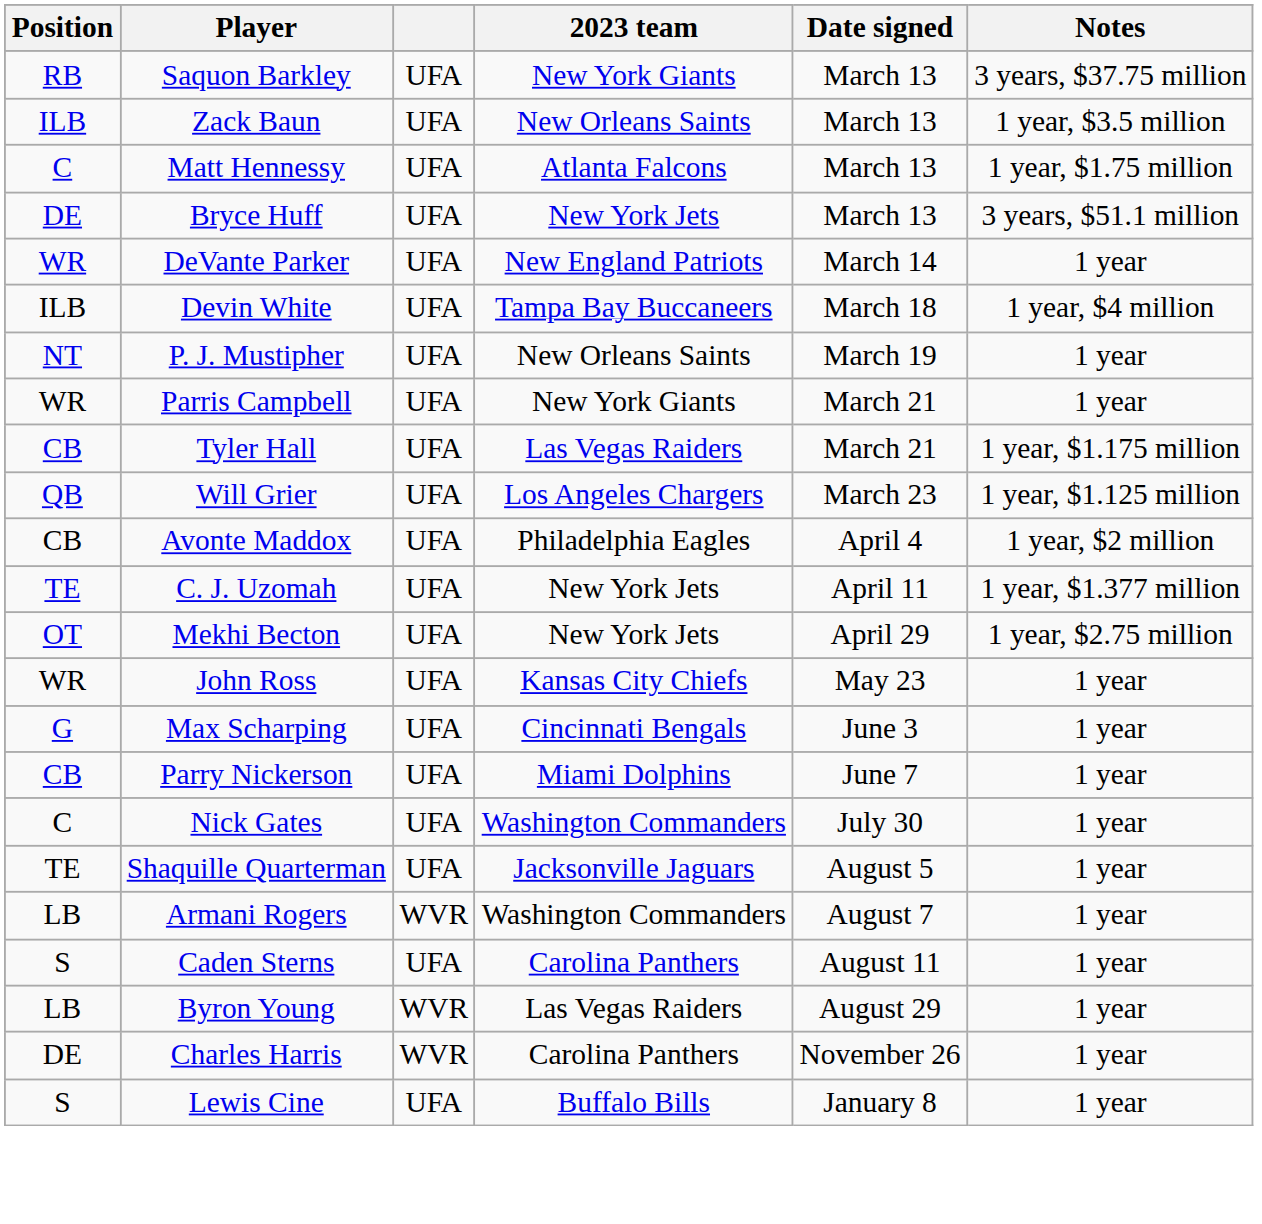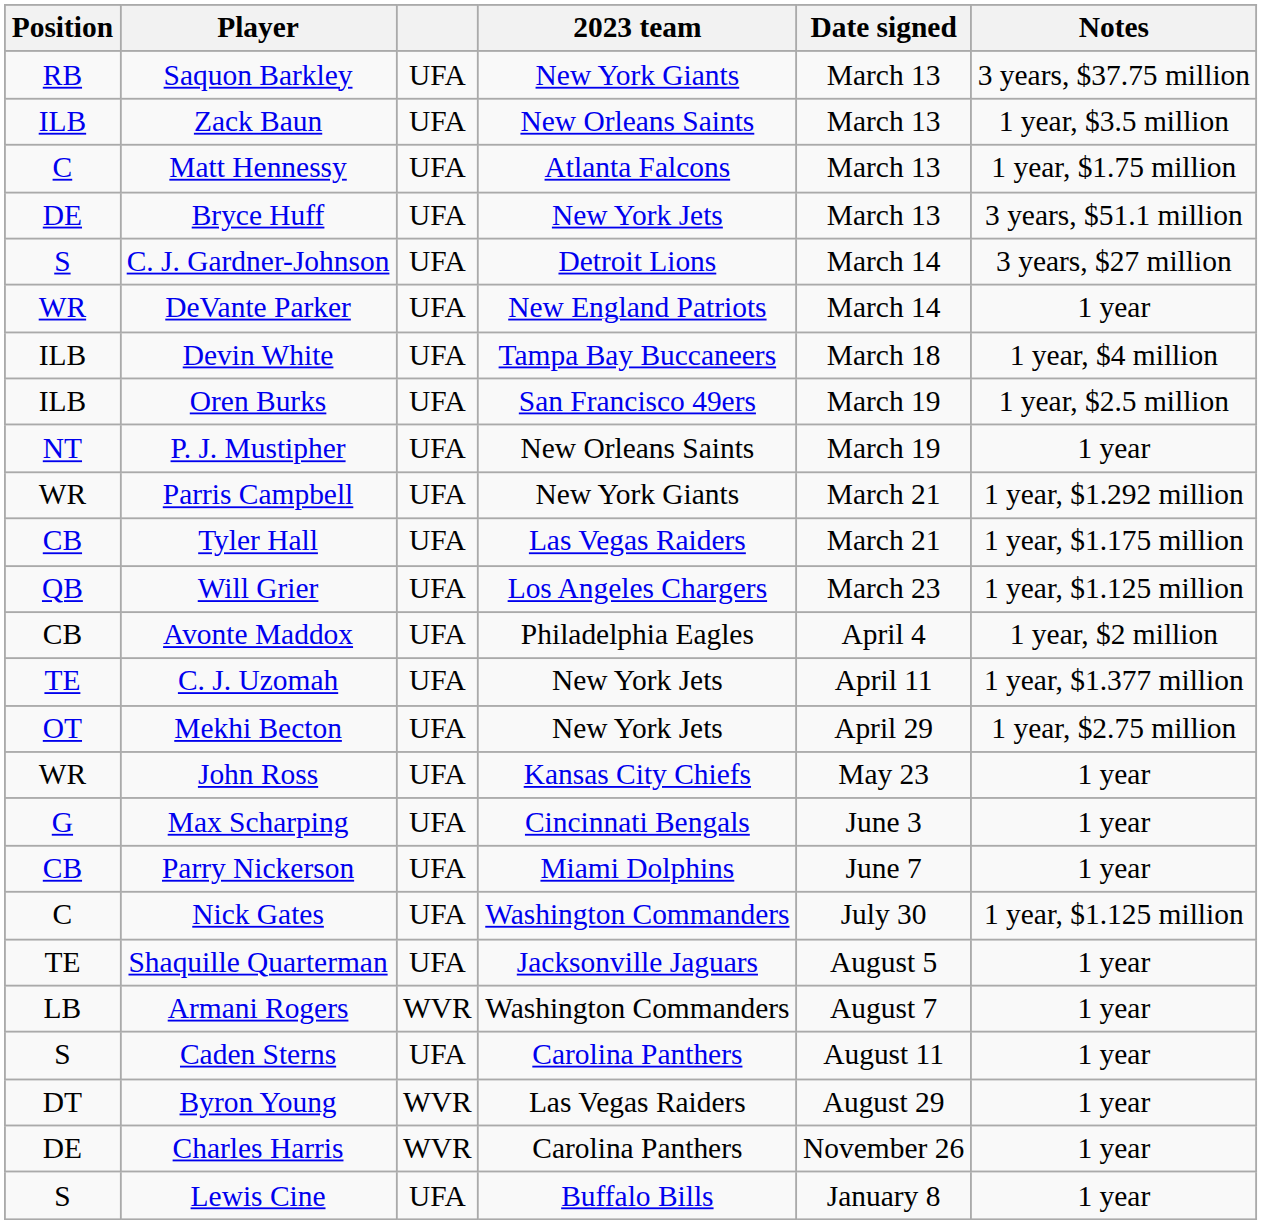 <table class="wikitable" style="text-align:center">
 <tr>
 <th>Position</th>
 <th>Player</th>
 <th></th>
 <th>2023 team</th>
 <th>Date signed</th>
 <th>Notes</th>
 </tr>
 <tr>
 <td><a href='#'>RB</a></td>
 <td><a href='#'>Saquon Barkley</a></td>
 <td>UFA</td>
 <td><a href='#'>New York Giants</a></td>
 <td>March 13</td>
 <td>3 years, $37.75 million</td>
 </tr>
 <tr>
 <td><a href='#'>ILB</a></td>
 <td><a href='#'>Zack Baun</a></td>
 <td>UFA</td>
 <td><a href='#'>New Orleans Saints</a></td>
 <td>March 13</td>
 <td>1 year, $3.5 million</td>
 </tr>
 <tr>
 <td><a href='#'>C</a></td>
 <td><a href='#'>Matt Hennessy</a></td>
 <td>UFA</td>
 <td><a href='#'>Atlanta Falcons</a></td>
 <td>March 13</td>
 <td>1 year, $1.75 million</td>
 </tr>
 <tr>
 <td><a href='#'>DE</a></td>
 <td><a href='#'>Bryce Huff</a></td>
 <td>UFA</td>
 <td><a href='#'>New York Jets</a></td>
 <td>March 13</td>
 <td>3 years, $51.1 million</td>
 </tr>
 <tr>
+<td><a href='#'>S</a></td>
+<td><a href='#'>C. J. Gardner-Johnson</a></td>
+<td>UFA</td>
+<td><a href='#'>Detroit Lions</a></td>
+<td>March 14</td>
+<td>3 years, $27 million</td>
+</tr>
+<tr>
 <td><a href='#'>WR</a></td>
 <td><a href='#'>DeVante Parker</a></td>
 <td>UFA</td>
 <td><a href='#'>New England Patriots</a></td>
 <td>March 14</td>
 <td>1 year</td>
 </tr>
 <tr>
 <td>ILB</td>
 <td><a href='#'>Devin White</a></td>
 <td>UFA</td>
 <td><a href='#'>Tampa Bay Buccaneers</a></td>
 <td>March 18</td>
 <td>1 year, $4 million</td>
 </tr>
 <tr>
+<td>ILB</td>
+<td><a href='#'>Oren Burks</a></td>
+<td>UFA</td>
+<td><a href='#'>San Francisco 49ers</a></td>
+<td>March 19</td>
+<td>1 year, $2.5 million</td>
+</tr>
+<tr>
 <td><a href='#'>NT</a></td>
 <td><a href='#'>P. J. Mustipher</a></td>
 <td>UFA</td>
 <td>New Orleans Saints</td>
 <td>March 19</td>
 <td>1 year</td>
 </tr>
 <tr>
 <td>WR</td>
 <td><a href='#'>Parris Campbell</a></td>
 <td>UFA</td>
 <td>New York Giants</td>
 <td>March 21</td>
-<td>1 year</td>
+<td>1 year, $1.292 million</td>
 </tr>
 <tr>
 <td><a href='#'>CB</a></td>
 <td><a href='#'>Tyler Hall</a></td>
 <td>UFA</td>
 <td><a href='#'>Las Vegas Raiders</a></td>
 <td>March 21</td>
 <td>1 year, $1.175 million</td>
 </tr>
 <tr>
 <td><a href='#'>QB</a></td>
 <td><a href='#'>Will Grier</a></td>
 <td>UFA</td>
 <td><a href='#'>Los Angeles Chargers</a></td>
 <td>March 23</td>
 <td>1 year, $1.125 million</td>
 </tr>
 <tr>
 <td>CB</td>
 <td><a href='#'>Avonte Maddox</a></td>
 <td>UFA</td>
 <td>Philadelphia Eagles</td>
 <td>April 4</td>
 <td>1 year, $2 million</td>
 </tr>
 <tr>
 <td><a href='#'>TE</a></td>
 <td><a href='#'>C. J. Uzomah</a></td>
 <td>UFA</td>
 <td>New York Jets</td>
 <td>April 11</td>
 <td>1 year, $1.377 million</td>
 </tr>
 <tr>
 <td><a href='#'>OT</a></td>
 <td><a href='#'>Mekhi Becton</a></td>
 <td>UFA</td>
 <td>New York Jets</td>
 <td>April 29</td>
 <td>1 year, $2.75 million</td>
 </tr>
 <tr>
 <td>WR</td>
 <td><a href='#'>John Ross</a></td>
 <td>UFA</td>
 <td><a href='#'>Kansas City Chiefs</a></td>
 <td>May 23</td>
 <td>1 year</td>
 </tr>
 <tr>
 <td><a href='#'>G</a></td>
 <td><a href='#'>Max Scharping</a></td>
 <td>UFA</td>
 <td><a href='#'>Cincinnati Bengals</a></td>
 <td>June 3</td>
 <td>1 year</td>
 </tr>
 <tr>
 <td><a href='#'>CB</a></td>
 <td><a href='#'>Parry Nickerson</a></td>
 <td>UFA</td>
 <td><a href='#'>Miami Dolphins</a></td>
 <td>June 7</td>
 <td>1 year</td>
 </tr>
 <tr>
 <td>C</td>
 <td><a href='#'>Nick Gates</a></td>
 <td>UFA</td>
 <td><a href='#'>Washington Commanders</a></td>
 <td>July 30</td>
-<td>1 year</td>
+<td>1 year, $1.125 million</td>
 </tr>
 <tr>
 <td>TE</td>
 <td><a href='#'>Shaquille Quarterman</a></td>
 <td>UFA</td>
 <td><a href='#'>Jacksonville Jaguars</a></td>
 <td>August 5</td>
 <td>1 year</td>
 </tr>
 <tr>
 <td>LB</td>
 <td><a href='#'>Armani Rogers</a></td>
 <td>WVR</td>
 <td>Washington Commanders</td>
 <td>August 7</td>
 <td>1 year</td>
 </tr>
 <tr>
 <td>S</td>
 <td><a href='#'>Caden Sterns</a></td>
 <td>UFA</td>
 <td><a href='#'>Carolina Panthers</a></td>
 <td>August 11</td>
 <td>1 year</td>
 </tr>
 <tr>
-<td>LB</td>
+<td>DT</td>
 <td><a href='#'>Byron Young</a></td>
 <td>WVR</td>
 <td>Las Vegas Raiders</td>
 <td>August 29</td>
 <td>1 year</td>
 </tr>
 <tr>
 <td>DE</td>
 <td><a href='#'>Charles Harris</a></td>
 <td>WVR</td>
 <td>Carolina Panthers</td>
 <td>November 26</td>
 <td>1 year</td>
 </tr>
 <tr>
 <td>S</td>
 <td><a href='#'>Lewis Cine</a></td>
 <td>UFA</td>
 <td><a href='#'>Buffalo Bills</a></td>
 <td>January 8</td>
 <td>1 year</td>
 </tr>
 </table>
